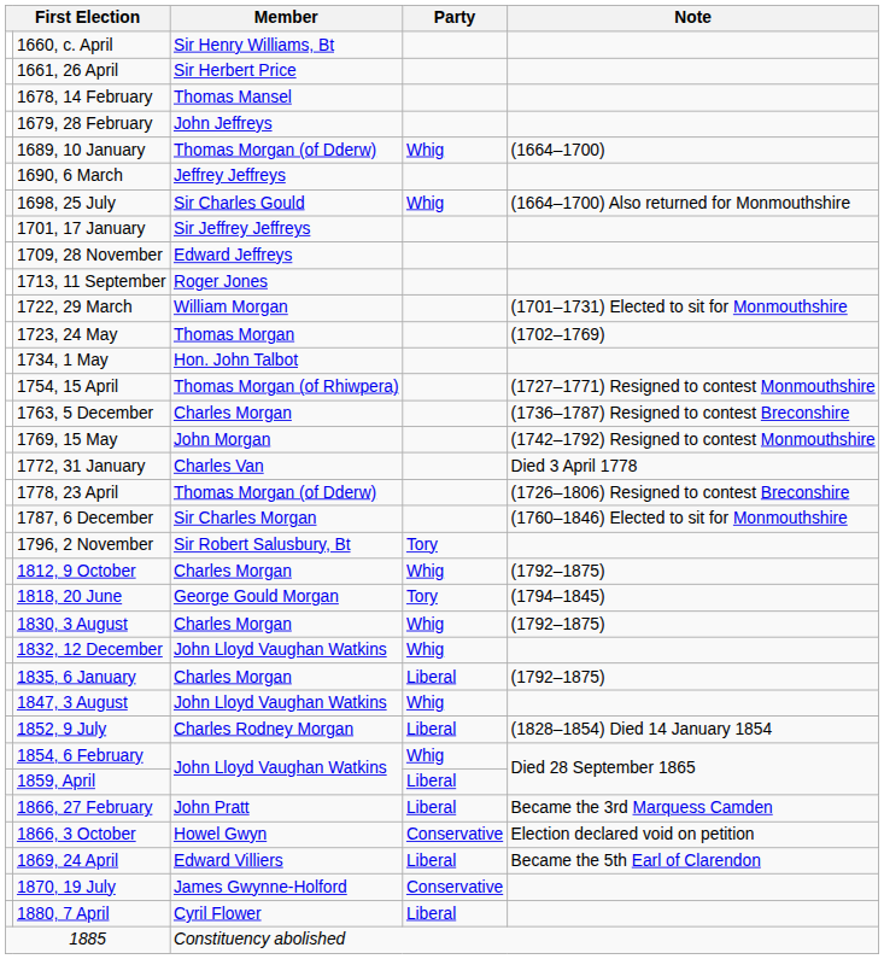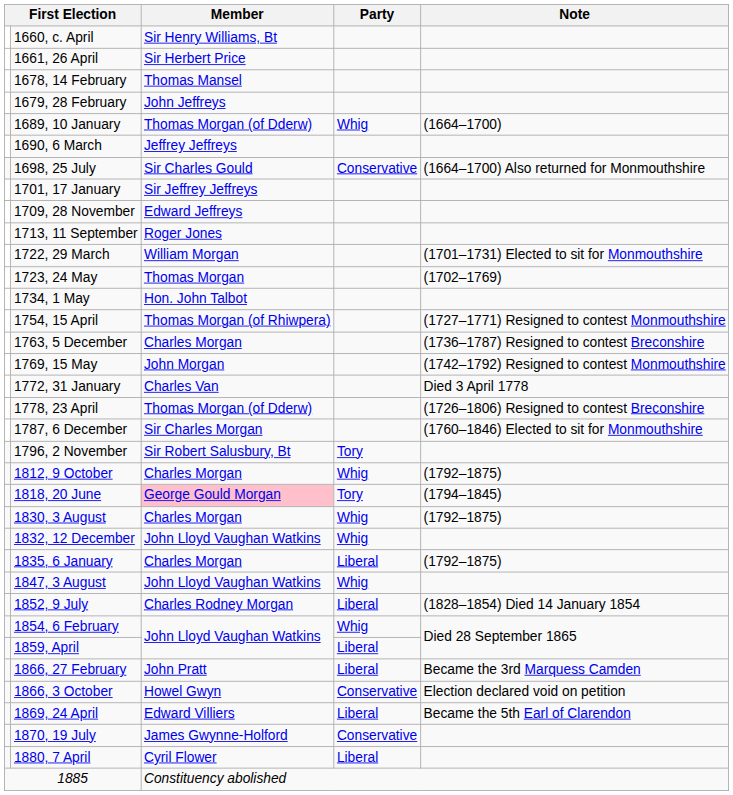 <table class="wikitable">
 <tr>
 <th colspan="2">First Election</th>
 <th>Member</th>
 <th>Party</th>
 <th>Note</th>
 </tr>
 <tr>
 <td style="color:inherit;background-color: white"></td>
 <td>1660, c. April</td>
 <td><a href='#'>Sir Henry Williams, Bt</a></td>
 <td></td>
 <td></td>
 </tr>
 <tr>
 <td style="color:inherit;background-color: white"></td>
 <td>1661, 26 April</td>
 <td><a href='#'>Sir Herbert Price</a></td>
 <td></td>
 <td></td>
 </tr>
 <tr>
 <td style="color:inherit;background-color: white"></td>
 <td>1678, 14 February</td>
 <td><a href='#'>Thomas Mansel</a></td>
 <td></td>
 <td></td>
 </tr>
 <tr>
 <td style="color:inherit;background-color: white"></td>
 <td>1679, 28 February</td>
 <td><a href='#'>John Jeffreys</a></td>
 <td></td>
 <td></td>
 </tr>
 <tr>
 <td style="color:inherit;background-color: "></td>
 <td>1689, 10 January</td>
 <td><a href='#'>Thomas Morgan (of Dderw)</a></td>
 <td><a href='#'>Whig</a></td>
 <td>(1664–1700)</td>
 </tr>
 <tr>
 <td style="color:inherit;background-color: white"></td>
 <td>1690, 6 March</td>
 <td><a href='#'>Jeffrey Jeffreys</a></td>
 <td></td>
 <td></td>
 </tr>
 <tr>
 <td style="color:inherit;background-color: "></td>
 <td>1698, 25 July</td>
 <td><a href='#'>Sir Charles Gould</a></td>
-<td><a href='#'>Whig</a></td>
+<td><a href='#'>Conservative</a></td>
 <td>(1664–1700) Also returned for Monmouthshire </td>
 </tr>
 <tr>
 <td style="color:inherit;background-color: white"></td>
 <td>1701, 17 January</td>
 <td><a href='#'>Sir Jeffrey Jeffreys</a></td>
 <td></td>
 <td></td>
 </tr>
 <tr>
 <td style="color:inherit;background-color: white"></td>
 <td>1709, 28 November</td>
 <td><a href='#'>Edward Jeffreys</a></td>
 <td></td>
 <td></td>
 </tr>
 <tr>
 <td style="color:inherit;background-color: white"></td>
 <td>1713, 11 September</td>
 <td><a href='#'>Roger Jones</a></td>
 <td></td>
 <td></td>
 </tr>
 <tr>
 <td style="color:inherit;background-color: white"></td>
 <td>1722, 29 March</td>
 <td><a href='#'>William Morgan</a></td>
 <td></td>
 <td>(1701–1731) Elected to sit for <a href='#'>Monmouthshire</a></td>
 </tr>
 <tr>
 <td style="color:inherit;background-color: white"></td>
 <td>1723, 24 May</td>
 <td><a href='#'>Thomas Morgan</a></td>
 <td></td>
 <td>(1702–1769)</td>
 </tr>
 <tr>
 <td style="color:inherit;background-color: white"></td>
 <td>1734, 1 May</td>
 <td><a href='#'>Hon. John Talbot</a></td>
 <td></td>
 <td></td>
 </tr>
 <tr>
 <td style="color:inherit;background-color: white"></td>
 <td>1754, 15 April</td>
 <td><a href='#'>Thomas Morgan (of Rhiwpera)</a></td>
 <td></td>
 <td>(1727–1771) Resigned to contest <a href='#'>Monmouthshire</a></td>
 </tr>
 <tr>
 <td style="color:inherit;background-color: white"></td>
 <td>1763, 5 December</td>
 <td><a href='#'>Charles Morgan</a></td>
 <td></td>
 <td>(1736–1787) Resigned to contest <a href='#'>Breconshire</a></td>
 </tr>
 <tr>
 <td style="color:inherit;background-color: white"></td>
 <td>1769, 15 May</td>
 <td><a href='#'>John Morgan</a></td>
 <td></td>
 <td>(1742–1792) Resigned to contest <a href='#'>Monmouthshire</a></td>
 </tr>
 <tr>
 <td style="color:inherit;background-color: white"></td>
 <td>1772, 31 January</td>
 <td><a href='#'>Charles Van</a></td>
 <td></td>
 <td> Died 3 April 1778</td>
 </tr>
 <tr>
 <td style="color:inherit;background-color: white"></td>
 <td>1778, 23 April</td>
 <td><a href='#'>Thomas Morgan (of Dderw)</a></td>
 <td></td>
 <td>(1726–1806) Resigned to contest <a href='#'>Breconshire</a></td>
 </tr>
 <tr>
 <td style="color:inherit;background-color: white"></td>
 <td>1787, 6 December</td>
 <td><a href='#'>Sir Charles Morgan</a></td>
 <td></td>
 <td>(1760–1846) Elected to sit for <a href='#'>Monmouthshire</a></td>
 </tr>
 <tr>
 <td style="color:inherit;background-color: "></td>
 <td>1796, 2 November</td>
 <td><a href='#'>Sir Robert Salusbury, Bt</a></td>
 <td><a href='#'>Tory</a></td>
 <td></td>
 </tr>
 <tr>
 <td style="color:inherit;background-color: "></td>
 <td><a href='#'>1812, 9 October</a></td>
 <td><a href='#'>Charles Morgan</a></td>
 <td><a href='#'>Whig</a></td>
 <td>(1792–1875)</td>
 </tr>
 <tr>
 <td style="color:inherit;background-color: "></td>
 <td><a href='#'>1818, 20 June</a></td>
-<td><a href='#'>George Gould Morgan</a></td>
+<td style="background: pink;"><a href='#'>George Gould Morgan</a></td>
 <td><a href='#'>Tory</a></td>
 <td>(1794–1845)</td>
 </tr>
 <tr>
 <td style="color:inherit;background-color: "></td>
 <td><a href='#'>1830, 3 August</a></td>
 <td><a href='#'>Charles Morgan</a></td>
 <td><a href='#'>Whig</a></td>
 <td>(1792–1875)</td>
 </tr>
 <tr>
 <td style="color:inherit;background-color: "></td>
 <td><a href='#'>1832, 12 December</a></td>
 <td><a href='#'>John Lloyd Vaughan Watkins</a></td>
 <td><a href='#'>Whig</a></td>
 <td></td>
 </tr>
 <tr>
 <td style="color:inherit;background-color: "></td>
 <td><a href='#'>1835, 6 January</a></td>
 <td><a href='#'>Charles Morgan</a></td>
 <td><a href='#'>Liberal</a></td>
 <td>(1792–1875)</td>
 </tr>
 <tr>
 <td style="color:inherit;background-color: "></td>
 <td><a href='#'>1847, 3 August</a></td>
 <td><a href='#'>John Lloyd Vaughan Watkins</a></td>
 <td><a href='#'>Whig</a></td>
 <td></td>
 </tr>
 <tr>
 <td style="color:inherit;background-color: "></td>
 <td><a href='#'>1852, 9 July</a></td>
 <td><a href='#'>Charles Rodney Morgan</a></td>
 <td><a href='#'>Liberal</a></td>
 <td>(1828–1854) Died 14 January 1854</td>
 </tr>
 <tr>
 <td style="color:inherit;background-color: "></td>
 <td><a href='#'>1854, 6 February</a></td>
 <td rowspan="2"><a href='#'>John Lloyd Vaughan Watkins</a></td>
 <td><a href='#'>Whig</a></td>
 <td rowspan="2"> Died 28 September 1865</td>
 </tr>
 <tr>
 <td style="color:inherit;background-color: "></td>
 <td><a href='#'>1859, April</a></td>
 <td><a href='#'>Liberal</a></td>
 </tr>
 <tr>
 <td style="color:inherit;background-color: "></td>
 <td><a href='#'>1866, 27 February</a></td>
 <td><a href='#'>John Pratt</a></td>
 <td><a href='#'>Liberal</a></td>
 <td>Became the 3rd <a href='#'>Marquess Camden</a></td>
 </tr>
 <tr>
 <td style="color:inherit;background-color: "></td>
 <td><a href='#'>1866, 3 October</a></td>
 <td><a href='#'>Howel Gwyn</a></td>
 <td><a href='#'>Conservative</a></td>
 <td> Election declared void on petition</td>
 </tr>
 <tr>
 <td style="color:inherit;background-color: "></td>
 <td><a href='#'>1869, 24 April</a></td>
 <td><a href='#'>Edward Villiers</a></td>
 <td><a href='#'>Liberal</a></td>
 <td>Became the 5th <a href='#'>Earl of Clarendon</a></td>
 </tr>
 <tr>
 <td style="color:inherit;background-color: "></td>
 <td><a href='#'>1870, 19 July</a></td>
 <td><a href='#'>James Gwynne-Holford</a></td>
 <td><a href='#'>Conservative</a></td>
 <td></td>
 </tr>
 <tr>
 <td style="color:inherit;background-color: "></td>
 <td><a href='#'>1880, 7 April</a></td>
 <td><a href='#'>Cyril Flower</a></td>
 <td><a href='#'>Liberal</a></td>
 <td></td>
 </tr>
 <tr>
 <td colspan="2" align="center"><em>1885</em></td>
 <td colspan="3"><em>Constituency abolished</em></td>
 </tr>
 </table>
